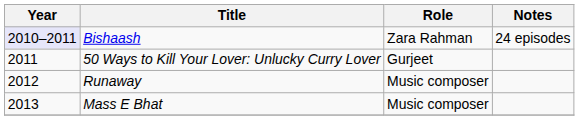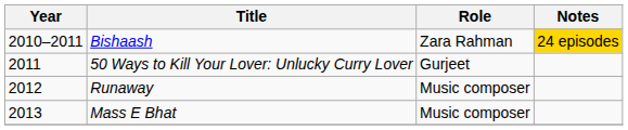 <table class="wikitable" style="font-size: 90%;">
 <tr>
 <th>Year</th>
 <th>Title</th>
 <th>Role</th>
 <th>Notes</th>
 </tr>
 <tr>
-<td rowspan="1" style="background: lavender;">2010–2011</td>
+<td rowspan="1">2010–2011</td>
 <td><em><a href='#'>Bishaash</a></em></td>
 <td>Zara Rahman</td>
-<td>24 episodes</td>
+<td style="background: gold;">24 episodes</td>
 </tr>
 <tr>
 <td rowspan="1">2011</td>
 <td><em>50 Ways to Kill Your Lover: Unlucky Curry Lover</em></td>
 <td>Gurjeet</td>
 <td></td>
 </tr>
 <tr>
 <td rowspan="1">2012</td>
 <td><em>Runaway</em></td>
 <td>Music composer</td>
 <td></td>
 </tr>
 <tr>
 <td rowspan="1">2013</td>
 <td><em>Mass E Bhat</em></td>
 <td>Music composer</td>
 <td></td>
 </tr>
 <tr>
 </tr>
 </table>
